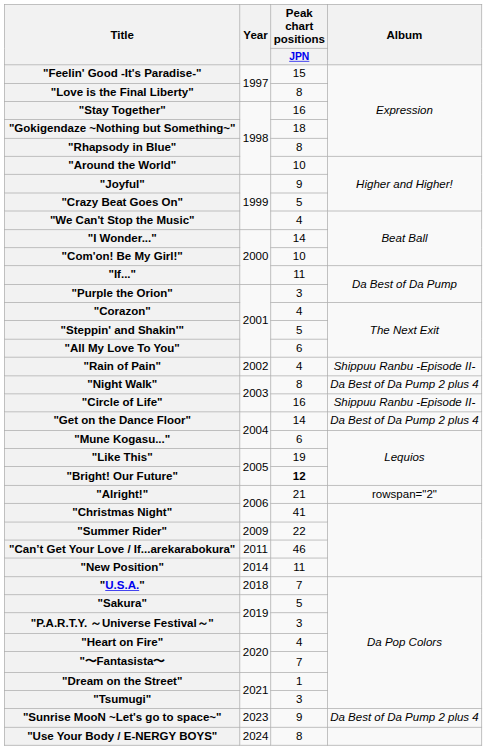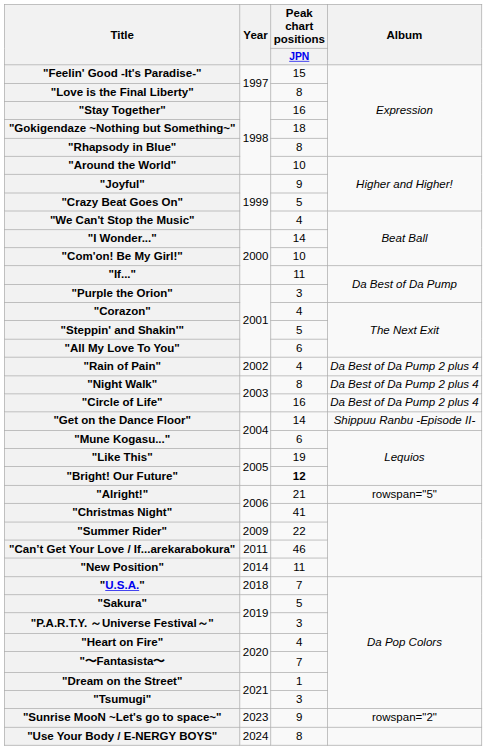 <table class="wikitable plainrowheaders" style="text-align:center;">
 <tr>
 <th scope="col" rowspan="2" style="width:20em;">Title</th>
 <th scope="col" rowspan="2">Year</th>
 <th scope="col" colspan="1">Peak chart positions</th>
 <th scope="col" rowspan="2">Album</th>
 </tr>
 <tr>
 <th scope="col" style="width:3em;font-size:90%;"><a href='#'>JPN</a><br></th>
 </tr>
 <tr>
 <th scope="row">"Feelin' Good -It's Paradise-"</th>
 <td rowspan="2">1997</td>
 <td>15</td>
 <td rowspan="5"><em>Expression</em></td>
 </tr>
 <tr>
 <th scope="row">"Love is the Final Liberty"</th>
 <td>8</td>
 </tr>
 <tr>
 <th scope="row">"Stay Together"</th>
 <td rowspan="4">1998</td>
 <td>16</td>
 </tr>
 <tr>
 <th scope="row">"Gokigendaze ~Nothing but Something~" </th>
 <td>18</td>
 </tr>
 <tr>
 <th scope="row">"Rhapsody in Blue"</th>
 <td>8</td>
 </tr>
 <tr>
 <th scope="row">"Around the World"</th>
 <td>10</td>
 <td rowspan="3"><em>Higher and Higher!</em></td>
 </tr>
 <tr>
 <th scope="row">"Joyful"</th>
 <td rowspan="3">1999</td>
 <td>9</td>
 </tr>
 <tr>
 <th scope="row">"Crazy Beat Goes On"</th>
 <td>5</td>
 </tr>
 <tr>
 <th scope="row">"We Can't Stop the Music"</th>
 <td>4</td>
 <td rowspan="3"><em>Beat Ball</em></td>
 </tr>
 <tr>
 <th scope="row">"I Wonder..."</th>
 <td rowspan="3">2000</td>
 <td>14</td>
 </tr>
 <tr>
 <th scope="row">"Com'on! Be My Girl!"</th>
 <td>10</td>
 </tr>
 <tr>
 <th scope="row">"If..."</th>
 <td>11</td>
 <td rowspan="2"><em>Da Best of Da Pump</em></td>
 </tr>
 <tr>
 <th scope="row">"Purple the Orion"</th>
 <td rowspan="4">2001</td>
 <td>3</td>
 </tr>
 <tr>
 <th scope="row">"Corazon"</th>
 <td>4</td>
 <td rowspan="3"><em>The Next Exit</em></td>
 </tr>
 <tr>
 <th scope="row">"Steppin' and Shakin'"</th>
 <td>5</td>
 </tr>
 <tr>
 <th scope="row">"All My Love To You"</th>
 <td>6</td>
 </tr>
 <tr>
 <th scope="row">"Rain of Pain"</th>
 <td>2002</td>
 <td>4</td>
-<td><em>Shippuu Ranbu -Episode II-</em></td>
+<td><em>Da Best of Da Pump 2 plus 4</em></td>
 </tr>
 <tr>
 <th scope="row">"Night Walk"</th>
 <td rowspan="2">2003</td>
 <td>8</td>
 <td><em>Da Best of Da Pump 2 plus 4</em></td>
 </tr>
 <tr>
 <th scope="row">"Circle of Life"</th>
 <td>16</td>
-<td><em>Shippuu Ranbu -Episode II-</em></td>
+<td><em>Da Best of Da Pump 2 plus 4</em></td>
 </tr>
 <tr>
 <th scope="row">"Get on the Dance Floor"</th>
 <td rowspan="2">2004</td>
 <td>14</td>
-<td><em>Da Best of Da Pump 2 plus 4</em></td>
+<td><em>Shippuu Ranbu -Episode II-</em></td>
 </tr>
 <tr>
 <th scope="row">"Mune Kogasu..." </th>
 <td>6</td>
 <td rowspan="3"><em>Lequios</em></td>
 </tr>
 <tr>
 <th scope="row">"Like This"</th>
 <td rowspan="2">2005</td>
 <td>19</td>
 </tr>
 <tr>
 <th scope="row">"Bright! Our Future"</th>
 <td><strong>12</strong></td>
 </tr>
 <tr>
 <th scope="row">"Alright!"</th>
 <td rowspan="2">2006</td>
 <td>21</td>
-<td>rowspan="2" </td>
+<td>rowspan="5" </td>
 </tr>
 <tr>
 <th scope="row">"Christmas Night"</th>
 <td>41</td>
 </tr>
 <tr>
 <th scope="row">"Summer Rider"</th>
 <td>2009</td>
 <td>22</td>
 </tr>
 <tr>
 <th scope="row">"Can’t Get Your Love / If...arekarabokura"</th>
 <td>2011</td>
 <td>46</td>
 </tr>
 <tr>
 <th scope="row">"New Position"</th>
 <td>2014</td>
 <td>11</td>
 </tr>
 <tr>
 <th scope="row">"<a href='#'>U.S.A.</a>"</th>
 <td>2018</td>
 <td>7</td>
 <td rowspan="7"><em>Da Pop Colors</em></td>
 </tr>
 <tr>
 <th scope="row">"Sakura" </th>
 <td rowspan="2">2019</td>
 <td>5</td>
 </tr>
 <tr>
 <th scope="row">"P.A.R.T.Y. ～Universe Festival～" </th>
 <td>3</td>
 </tr>
 <tr>
 <th scope="row">"Heart on Fire"</th>
 <td rowspan="2">2020</td>
 <td>4</td>
 </tr>
 <tr>
 <th scope="row">"〜Fantasista〜 </th>
 <td>7</td>
 </tr>
 <tr>
 <th scope="row">"Dream on the Street"</th>
 <td rowspan="2">2021</td>
 <td>1</td>
 </tr>
 <tr>
 <th scope="row">"Tsumugi" </th>
 <td>3</td>
 </tr>
 <tr>
 <th scope="row">"Sunrise MooN ~Let's go to space~" </th>
 <td>2023</td>
 <td>9</td>
-<td><em>Da Best of Da Pump 2 plus 4</em></td>
+<td>rowspan="2" </td>
 </tr>
 <tr>
 <th scope="row">"Use Your Body / E-NERGY BOYS"</th>
 <td>2024</td>
 <td>8</td>
 </tr>
 </table>
